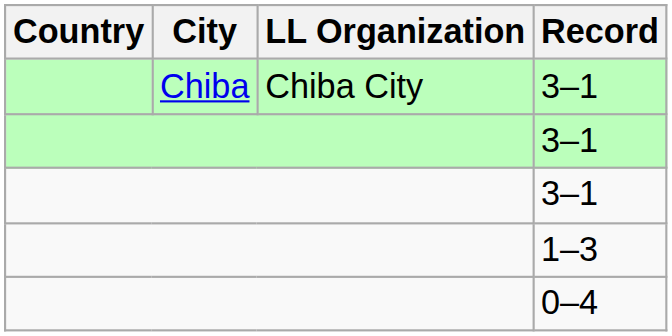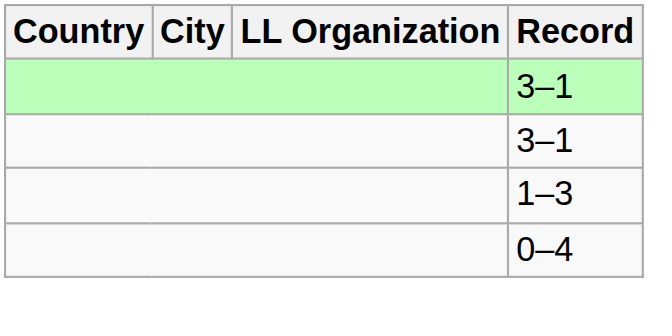 <table class="wikitable">
 <tr>
 <th>Country</th>
 <th>City</th>
 <th>LL Organization</th>
 <th>Record</th>
-</tr>
-<tr bgcolor=#bbffbb>
-<td><strong></strong></td>
-<td><a href='#'>Chiba</a></td>
-<td>Chiba City</td>
-<td>3–1</td>
 </tr>
 <tr bgcolor=#bbffbb>
 <td colspan=3><strong></strong></td>
 <td>3–1</td>
 </tr>
 <tr>
 <td colspan=3><strong></strong></td>
 <td>3–1</td>
 </tr>
 <tr>
 <td colspan=3><strong></strong></td>
 <td>1–3</td>
 </tr>
 <tr>
 <td colspan=3><strong></strong></td>
 <td>0–4</td>
 </tr>
 </table>
